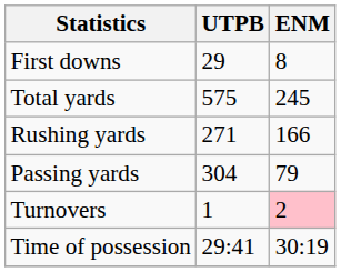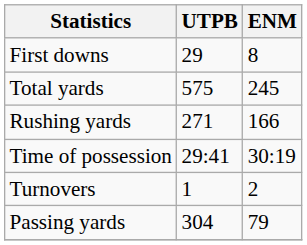 <table class="wikitable" style="float: left;">
 <tr>
 <th>Statistics</th>
 <th>UTPB</th>
 <th>ENM</th>
 </tr>
 <tr>
 <td>First downs</td>
 <td>29</td>
 <td>8</td>
 </tr>
 <tr>
 <td>Total yards</td>
 <td>575</td>
 <td>245</td>
 </tr>
 <tr>
 <td>Rushing yards</td>
 <td>271</td>
 <td>166</td>
 </tr>
 <tr>
+<td>Time of possession</td>
+<td>29:41</td>
+<td>30:19</td>
+</tr>
+<tr>
+<td>Turnovers</td>
+<td>1</td>
+<td>2</td>
+</tr>
+<tr>
 <td>Passing yards</td>
 <td>304</td>
 <td>79</td>
 </tr>
 <tr>
-<td>Turnovers</td>
-<td>1</td>
-<td style="background: pink;">2</td>
-</tr>
-<tr>
-<td>Time of possession</td>
-<td>29:41</td>
-<td>30:19</td>
-</tr>
-<tr>
 </tr>
 </table>
